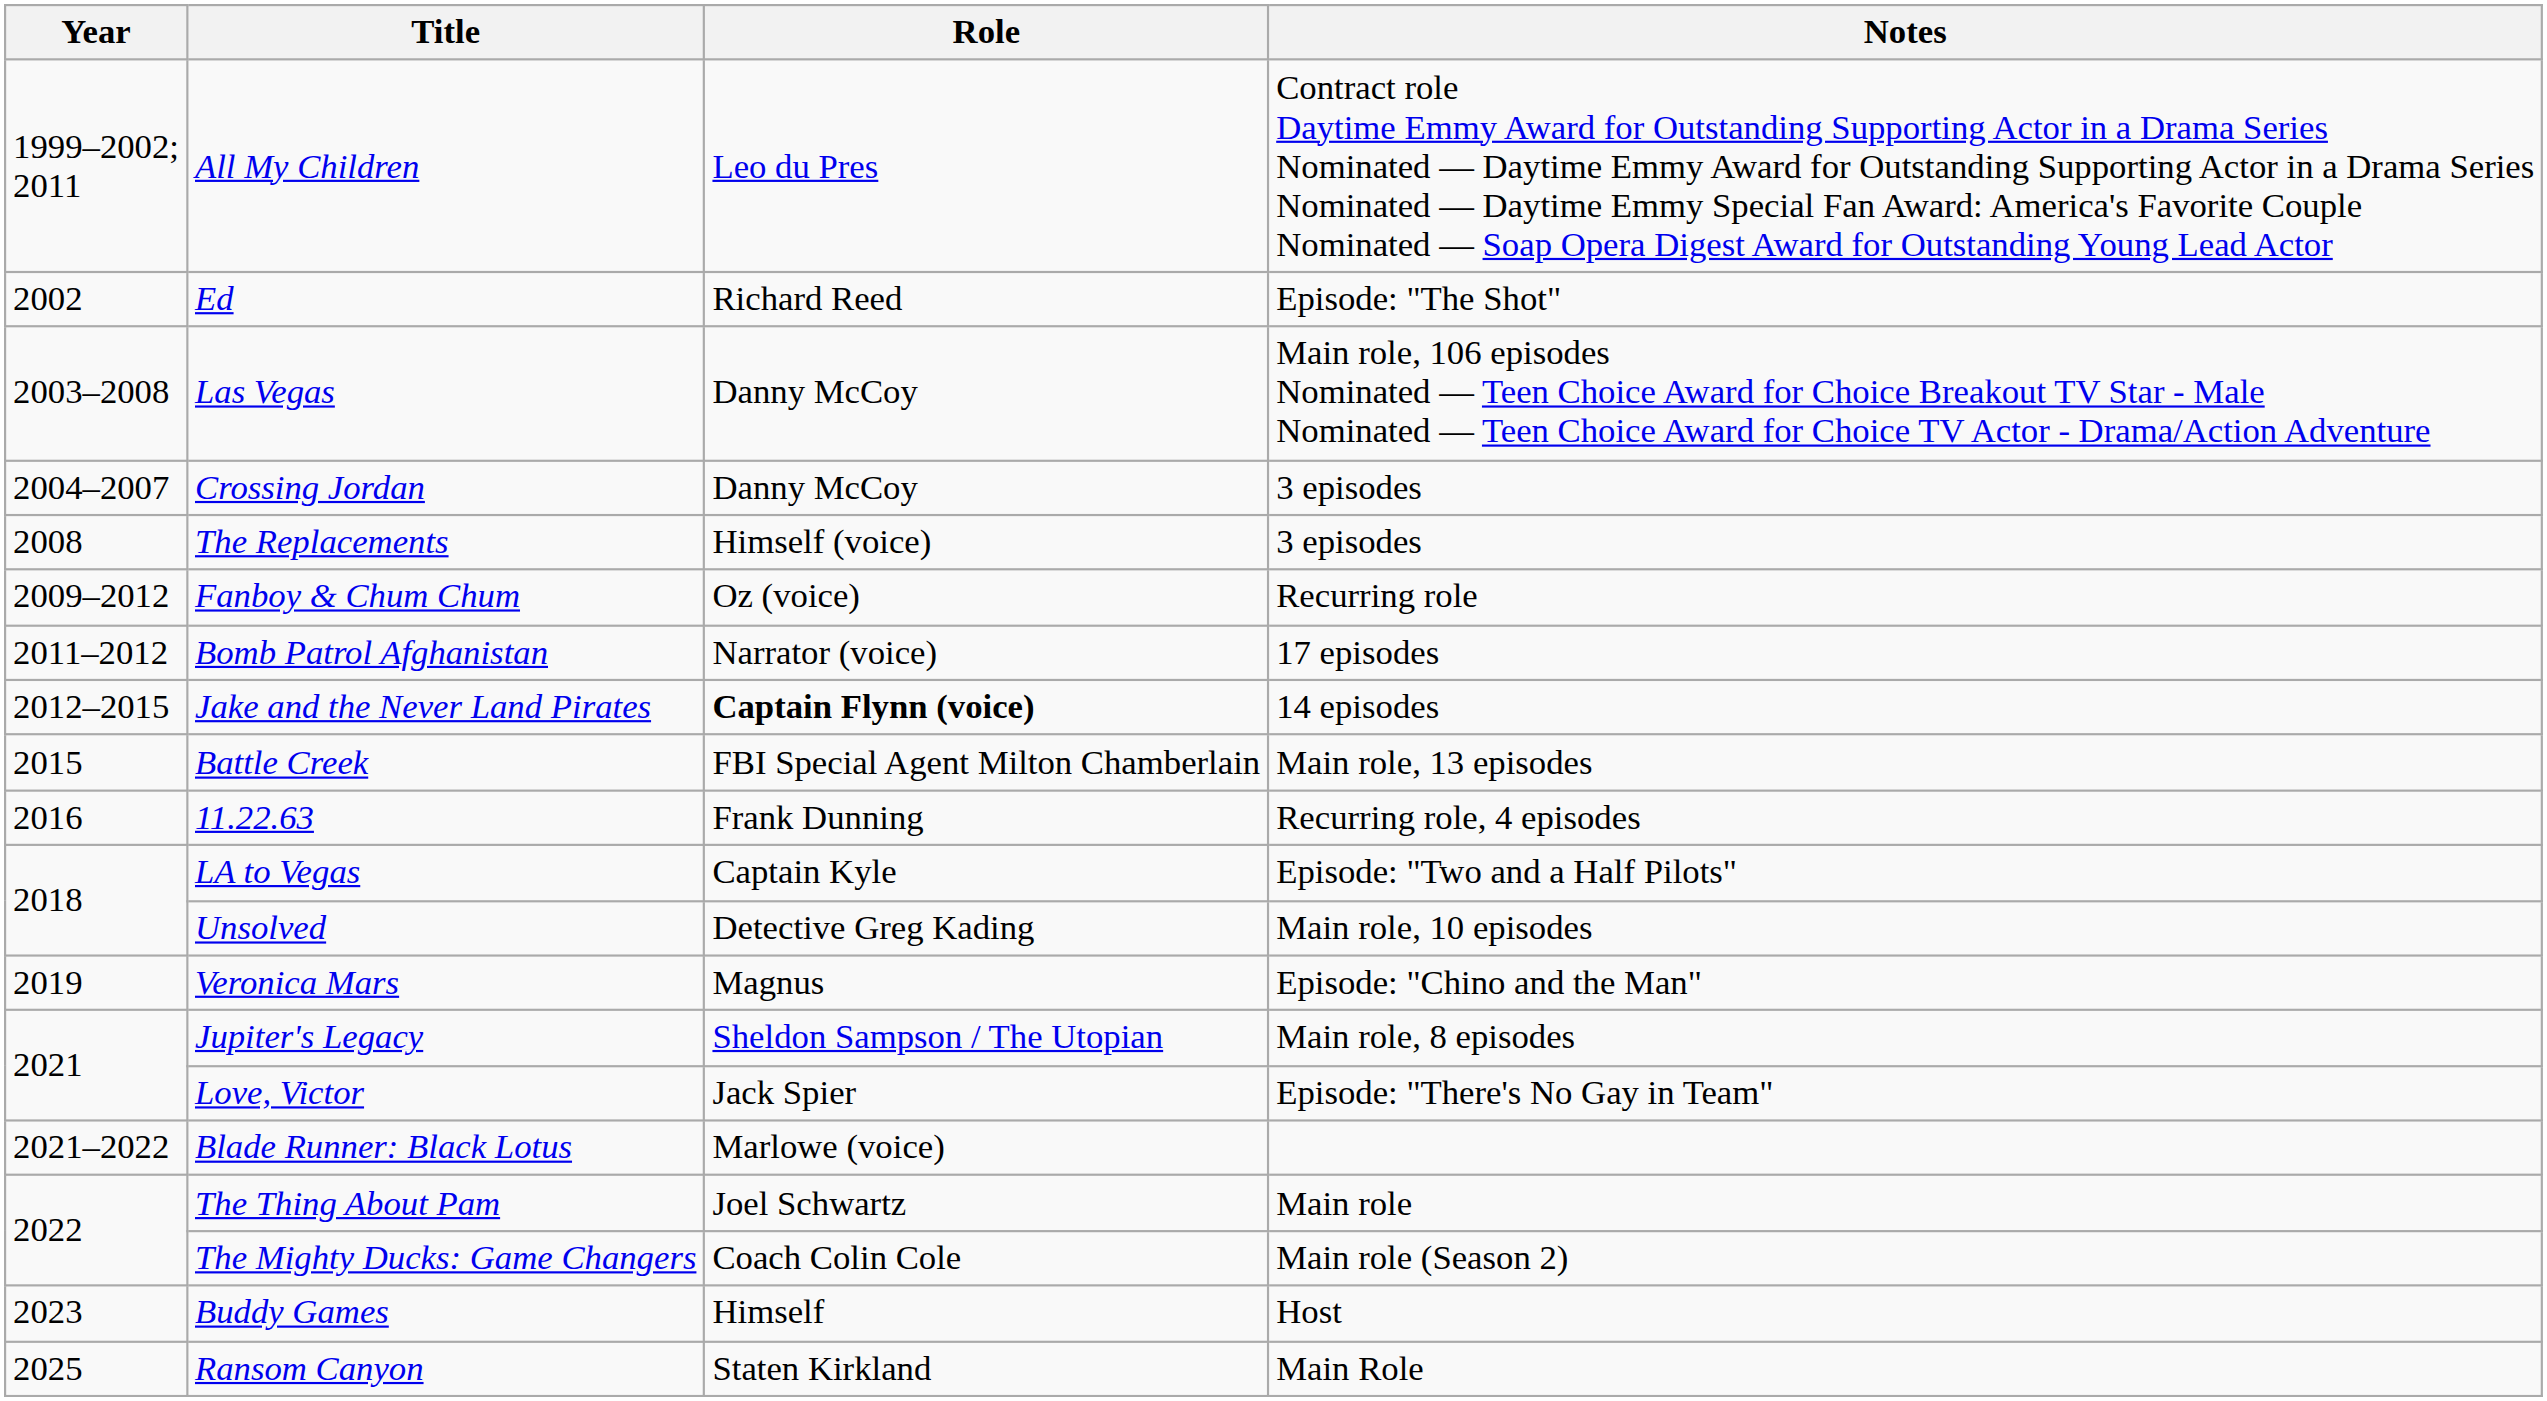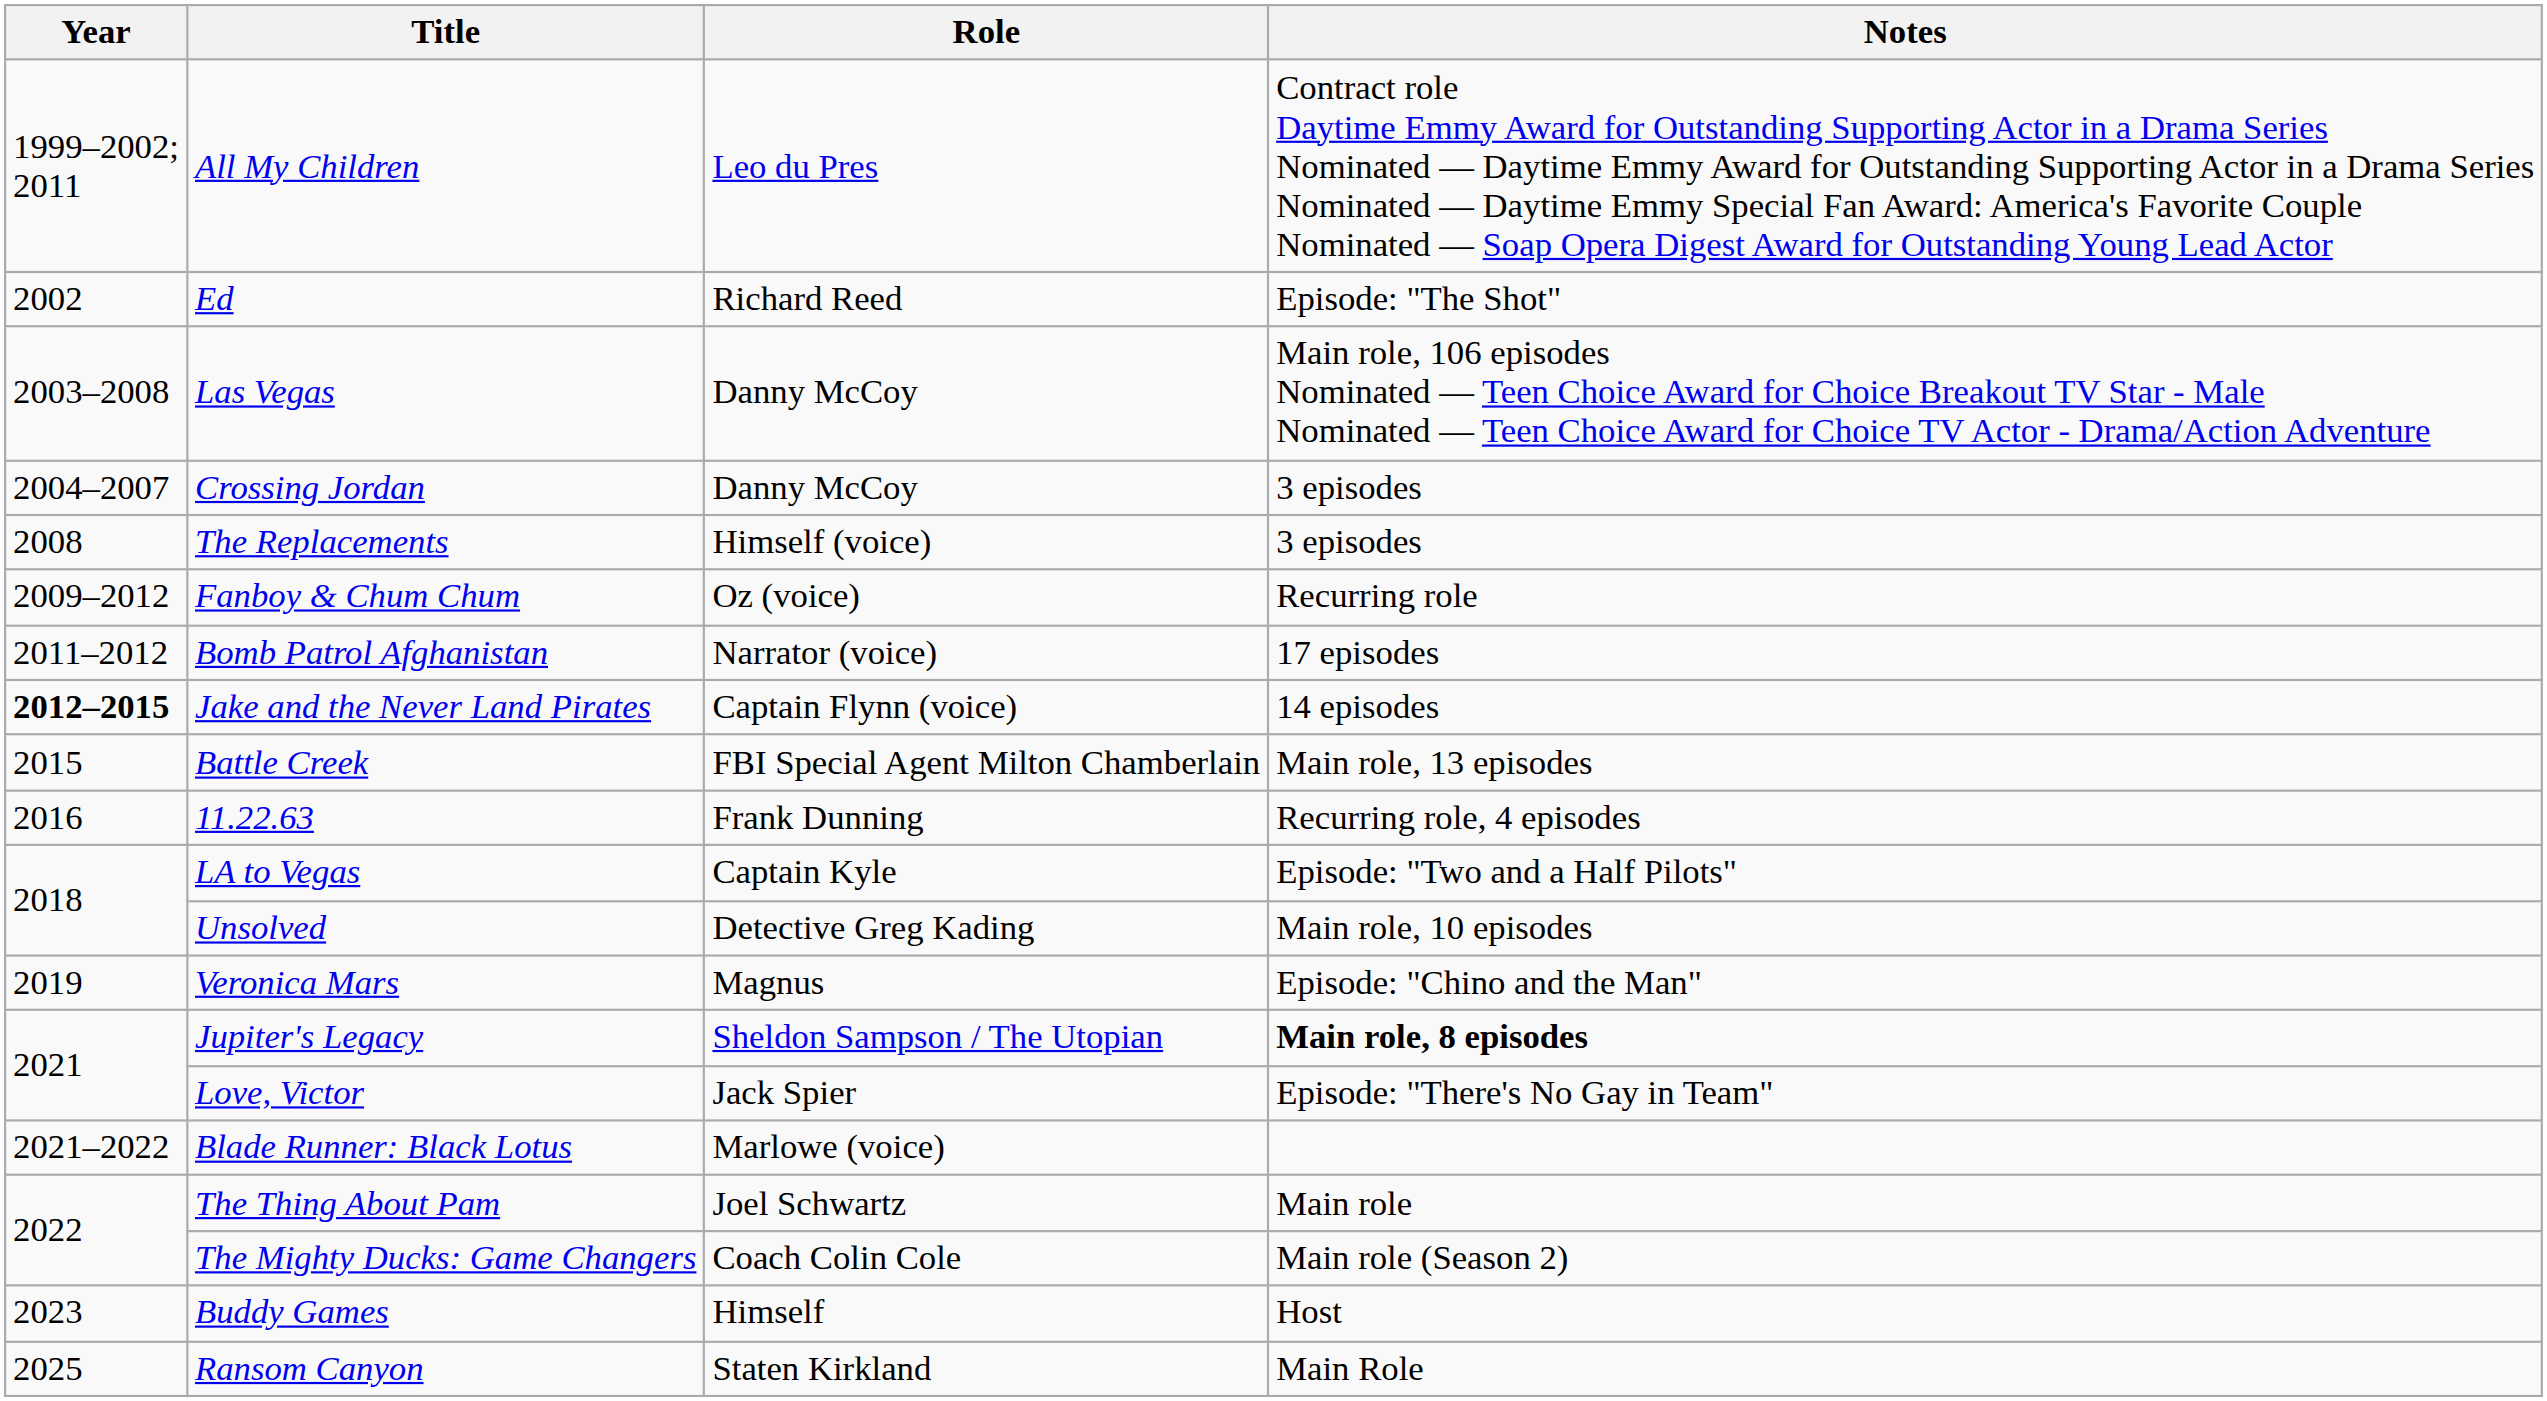 <table class="wikitable sortable">
 <tr>
 <th>Year</th>
 <th>Title</th>
 <th>Role</th>
 <th class="unsortable">Notes</th>
 </tr>
 <tr>
 <td>1999–2002; <br>2011</td>
 <td><em><a href='#'>All My Children</a></em></td>
 <td><a href='#'>Leo du Pres</a></td>
 <td>Contract role<br><a href='#'>Daytime Emmy Award for Outstanding Supporting Actor in a Drama Series</a> <br>Nominated — Daytime Emmy Award for Outstanding Supporting Actor in a Drama Series <br>Nominated — Daytime Emmy Special Fan Award: America's Favorite Couple <br>Nominated — <a href='#'>Soap Opera Digest Award for Outstanding Young Lead Actor</a></td>
 </tr>
 <tr>
 <td>2002</td>
 <td><em><a href='#'>Ed</a></em></td>
 <td>Richard Reed</td>
 <td>Episode: "The Shot"</td>
 </tr>
 <tr>
 <td>2003–2008</td>
 <td><em><a href='#'>Las Vegas</a></em></td>
 <td>Danny McCoy</td>
 <td>Main role, 106 episodes<br>Nominated — <a href='#'>Teen Choice Award for Choice Breakout TV Star - Male</a><br>Nominated — <a href='#'>Teen Choice Award for Choice TV Actor - Drama/Action Adventure</a></td>
 </tr>
 <tr>
 <td>2004–2007</td>
 <td><em><a href='#'>Crossing Jordan</a></em></td>
 <td>Danny McCoy</td>
 <td>3 episodes</td>
 </tr>
 <tr>
 <td>2008</td>
 <td><em><a href='#'>The Replacements</a></em></td>
 <td>Himself (voice)</td>
 <td>3 episodes</td>
 </tr>
 <tr>
 <td>2009–2012</td>
 <td><em><a href='#'>Fanboy & Chum Chum</a></em></td>
 <td>Oz (voice)</td>
 <td>Recurring role</td>
 </tr>
 <tr>
 <td>2011–2012</td>
 <td><em><a href='#'>Bomb Patrol Afghanistan</a></em></td>
 <td>Narrator (voice)</td>
 <td>17 episodes</td>
 </tr>
 <tr>
-<td>2012–2015</td>
+<td><strong>2012–2015</strong></td>
 <td><em><a href='#'>Jake and the Never Land Pirates</a></em></td>
-<td><strong>Captain Flynn (voice)</strong></td>
+<td>Captain Flynn (voice)</td>
 <td>14 episodes</td>
 </tr>
 <tr>
 <td>2015</td>
 <td><em><a href='#'>Battle Creek</a></em></td>
 <td>FBI Special Agent Milton Chamberlain</td>
 <td>Main role, 13 episodes</td>
 </tr>
 <tr>
 <td>2016</td>
 <td><em><a href='#'>11.22.63</a></em></td>
 <td>Frank Dunning</td>
 <td>Recurring role, 4 episodes</td>
 </tr>
 <tr>
 <td rowspan="2">2018</td>
 <td><em><a href='#'>LA to Vegas</a></em></td>
 <td>Captain Kyle</td>
 <td>Episode: "Two and a Half Pilots"</td>
 </tr>
 <tr>
 <td><em><a href='#'>Unsolved</a></em></td>
 <td>Detective Greg Kading</td>
 <td>Main role, 10 episodes</td>
 </tr>
 <tr>
 <td>2019</td>
 <td><em><a href='#'>Veronica Mars</a></em></td>
 <td>Magnus</td>
 <td>Episode: "Chino and the Man"</td>
 </tr>
 <tr>
 <td rowspan="2">2021</td>
 <td><em><a href='#'>Jupiter's Legacy</a></em></td>
 <td><a href='#'>Sheldon Sampson / The Utopian</a></td>
-<td>Main role, 8 episodes</td>
+<td><strong>Main role, 8 episodes</strong></td>
 </tr>
 <tr>
 <td><em><a href='#'>Love, Victor</a></em></td>
 <td>Jack Spier</td>
 <td>Episode: "There's No Gay in Team"</td>
 </tr>
 <tr>
 <td>2021–2022</td>
 <td><em><a href='#'>Blade Runner: Black Lotus</a></em></td>
 <td>Marlowe (voice)</td>
 <td></td>
 </tr>
 <tr>
 <td rowspan="2">2022</td>
 <td><em><a href='#'>The Thing About Pam</a></em></td>
 <td>Joel Schwartz</td>
 <td>Main role</td>
 </tr>
 <tr>
 <td><em><a href='#'>The Mighty Ducks: Game Changers</a></em></td>
 <td>Coach Colin Cole</td>
 <td>Main role (Season 2)</td>
 </tr>
 <tr>
 <td>2023</td>
 <td><em><a href='#'>Buddy Games</a></em></td>
 <td>Himself</td>
 <td>Host</td>
 </tr>
 <tr>
 <td>2025</td>
 <td><em><a href='#'>Ransom Canyon</a></em></td>
 <td>Staten Kirkland</td>
 <td>Main Role</td>
 </tr>
 <tr>
 </tr>
 </table>
